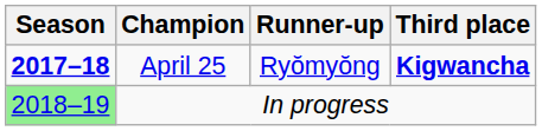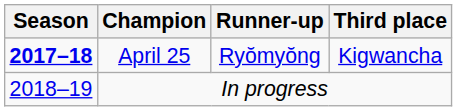 <table class="wikitable" style="text-align:center">
 <tr>
 <th>Season</th>
 <th>Champion</th>
 <th>Runner-up</th>
 <th>Third place</th>
 </tr>
 <tr>
 <td><strong><a href='#'>2017–18</a></strong></td>
 <td><a href='#'>April 25</a></td>
 <td><a href='#'>Ryŏmyŏng</a></td>
-<td><strong><a href='#'>Kigwancha</a></strong></td>
+<td><a href='#'>Kigwancha</a></td>
 </tr>
 <tr>
-<td style="background: lightgreen;"><a href='#'>2018–19</a></td>
+<td><a href='#'>2018–19</a></td>
 <td colspan="3"><em>In progress</em></td>
 </tr>
 </table>
